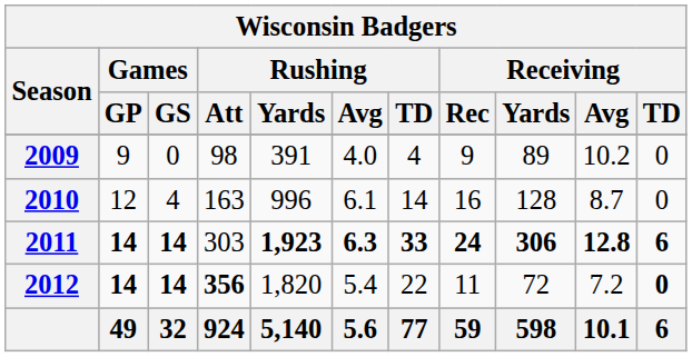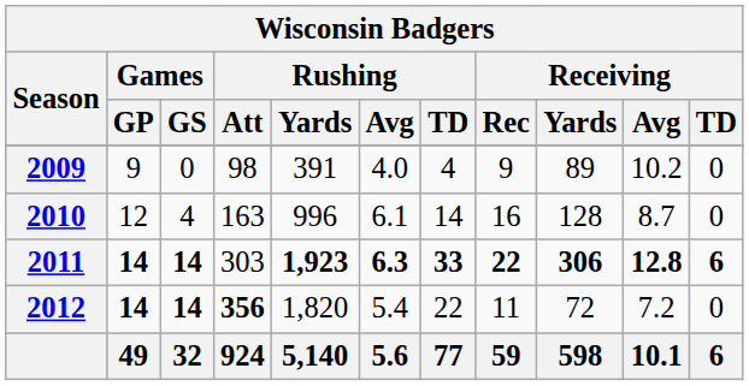 <table class="wikitable" style="text-align:center;">
 <tr>
 <th colspan="15">Wisconsin Badgers</th>
 </tr>
 <tr>
 <th rowspan="2">Season</th>
 <th colspan="2">Games</th>
 <th colspan="4">Rushing</th>
 <th colspan="4">Receiving</th>
 </tr>
 <tr>
 <th>GP</th>
 <th>GS</th>
 <th>Att</th>
 <th>Yards</th>
 <th>Avg</th>
 <th>TD</th>
 <th>Rec</th>
 <th>Yards</th>
 <th>Avg</th>
 <th>TD</th>
 </tr>
 <tr>
 </tr>
 <tr>
 <th><a href='#'>2009</a></th>
 <td>9</td>
 <td>0</td>
 <td>98</td>
 <td>391</td>
 <td>4.0</td>
 <td>4</td>
 <td>9</td>
 <td>89</td>
 <td>10.2</td>
 <td>0</td>
 </tr>
 <tr>
 <th><a href='#'>2010</a></th>
 <td>12</td>
 <td>4</td>
 <td>163</td>
 <td>996</td>
 <td>6.1</td>
 <td>14</td>
 <td>16</td>
 <td>128</td>
 <td>8.7</td>
 <td>0</td>
 </tr>
 <tr>
 <th><a href='#'>2011</a></th>
 <td><strong>14</strong></td>
 <td><strong>14</strong></td>
 <td>303</td>
 <td><strong>1,923</strong></td>
 <td><strong>6.3</strong></td>
 <td><strong>33</strong></td>
-<td><strong>24</strong></td>
+<td><strong>22</strong></td>
 <td><strong>306</strong></td>
 <td><strong>12.8</strong></td>
 <td><strong>6</strong></td>
 </tr>
 <tr>
 <th><a href='#'>2012</a></th>
 <td><strong>14</strong></td>
 <td><strong>14</strong></td>
 <td><strong>356</strong></td>
 <td>1,820</td>
 <td>5.4</td>
 <td>22</td>
 <td>11</td>
 <td>72</td>
 <td>7.2</td>
-<td><strong>0</strong></td>
+<td>0</td>
 </tr>
 <tr>
 <th></th>
 <th>49</th>
 <th>32</th>
 <th>924</th>
 <th>5,140</th>
 <th>5.6</th>
 <th>77</th>
 <th>59</th>
 <th>598</th>
 <th>10.1</th>
 <th>6</th>
 </tr>
 </table>
